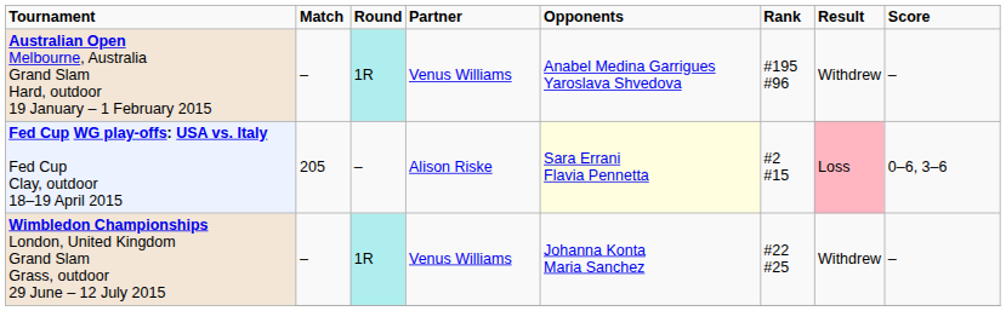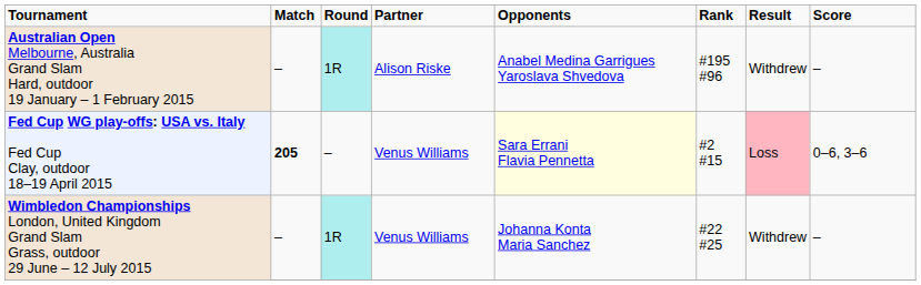 <table class="wikitable">
 <tr style="font-weight:bold">
 <td style="width:300px;">Tournament</td>
 <td style="width:50px;">Match</td>
 <td style="width:50px;">Round</td>
 <td style="width:135px;">Partner</td>
 <td style="width:225px;">Opponents</td>
 <td style="width:50px;">Rank</td>
 <td style="width:50px;">Result</td>
 <td style="width:115px;">Score</td>
 </tr>
 <tr>
 <td rowspan="1" style="background:#F3E6D7; text-align:left; vertical-align:top;"><strong><a href='#'>Australian Open</a></strong><br> <a href='#'>Melbourne</a>, Australia<br>Grand Slam<br>Hard, outdoor<br>19 January – 1 February 2015</td>
 <td>–</td>
 <td style="background:#afeeee;">1R</td>
-<td> <a href='#'>Venus Williams</a></td>
+<td> <a href='#'>Alison Riske</a></td>
 <td> <a href='#'>Anabel Medina Garrigues</a> <br>  <a href='#'>Yaroslava Shvedova</a></td>
 <td>#195 <br> #96</td>
 <td>Withdrew</td>
 <td>–</td>
 </tr>
 <tr>
 <td rowspan="1" style="background:#ecf2ff; text-align:left; vertical-align:top;"><strong><a href='#'>Fed Cup</a> <a href='#'>WG play-offs</a>: <a href='#'>USA vs. Italy</a></strong> <br>  <br>Fed Cup<br>Clay, outdoor<br>18–19 April 2015</td>
-<td>205</td>
+<td><strong>205</strong></td>
 <td>–</td>
-<td> <a href='#'>Alison Riske</a></td>
+<td> <a href='#'>Venus Williams</a></td>
 <td style="background: lightyellow;"> <a href='#'>Sara Errani</a> <br>  <a href='#'>Flavia Pennetta</a></td>
 <td>#2 <br> #15</td>
 <td bgcolor=lightpink>Loss</td>
 <td>0–6, 3–6</td>
 </tr>
 <tr>
 <td rowspan="6" style="background:#F3E6D7; text-align:left; vertical-align:top;"><strong><a href='#'>Wimbledon Championships</a></strong><br> London, United Kingdom<br>Grand Slam<br>Grass, outdoor<br>29 June – 12 July 2015</td>
 <td>–</td>
 <td style="background:#afeeee;">1R</td>
 <td> <a href='#'>Venus Williams</a></td>
 <td> <a href='#'>Johanna Konta</a> <br>  <a href='#'>Maria Sanchez</a></td>
 <td>#22 <br> #25</td>
 <td>Withdrew</td>
 <td>–</td>
 </tr>
 <tr>
 </tr>
 </table>
